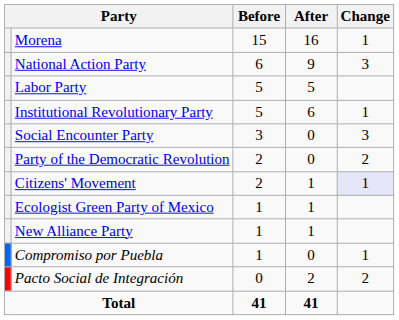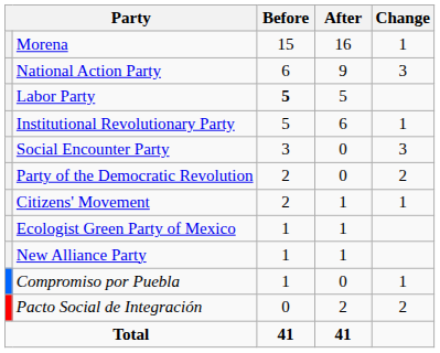 <table class="wikitable" style="text-align:center;">
 <tr>
 <th colspan="2">Party</th>
 <th style="width:3em">Before</th>
 <th style="width:3em">After</th>
 <th style="width:3em">Change</th>
 </tr>
 <tr>
 <th style="background-color:"></th>
 <td style="text-align:left;"><a href='#'>Morena</a></td>
 <td>15</td>
 <td>16</td>
 <td>1</td>
 </tr>
 <tr>
 <th style="background-color:"></th>
 <td style="text-align:left;"><a href='#'>National Action Party</a></td>
 <td>6</td>
 <td>9</td>
 <td>3</td>
 </tr>
 <tr>
 <th style="background-color:"></th>
 <td style="text-align:left;"><a href='#'>Labor Party</a></td>
-<td>5</td>
+<td><strong>5</strong></td>
 <td>5</td>
 <td></td>
 </tr>
 <tr>
 <th style="background-color:"></th>
 <td style="text-align:left;"><a href='#'>Institutional Revolutionary Party</a></td>
 <td>5</td>
 <td>6</td>
 <td>1</td>
 </tr>
 <tr>
 <th style="background-color:"></th>
 <td style="text-align:left;"><a href='#'>Social Encounter Party</a></td>
 <td>3</td>
 <td>0</td>
 <td>3</td>
 </tr>
 <tr>
 <th style="background-color:"></th>
 <td style="text-align:left;"><a href='#'>Party of the Democratic Revolution</a></td>
 <td>2</td>
 <td>0</td>
 <td>2</td>
 </tr>
 <tr>
 <th style="background-color:"></th>
 <td style="text-align:left;"><a href='#'>Citizens' Movement</a></td>
 <td>2</td>
 <td>1</td>
-<td style="background: lavender;">1</td>
+<td>1</td>
 </tr>
 <tr>
 <th style="background-color:"></th>
 <td style="text-align:left;"><a href='#'>Ecologist Green Party of Mexico</a></td>
 <td>1</td>
 <td>1</td>
 <td></td>
 </tr>
 <tr>
 <th style="background-color:"></th>
 <td style="text-align:left;"><a href='#'>New Alliance Party</a></td>
 <td>1</td>
 <td>1</td>
 <td></td>
 </tr>
 <tr>
 <th style="background-color:#0066ff;"></th>
 <td style="text-align:left;"><em>Compromiso por Puebla</em></td>
 <td>1</td>
 <td>0</td>
 <td>1</td>
 </tr>
 <tr>
 <th style="background-color:#ff0000;"></th>
 <td style="text-align:left;"><em>Pacto Social de Integración</em></td>
 <td>0</td>
 <td>2</td>
 <td>2</td>
 </tr>
 <tr>
 <td colspan="2"><strong>Total</strong></td>
 <td><strong>41</strong></td>
 <td><strong>41</strong></td>
 <td></td>
 </tr>
 </table>
